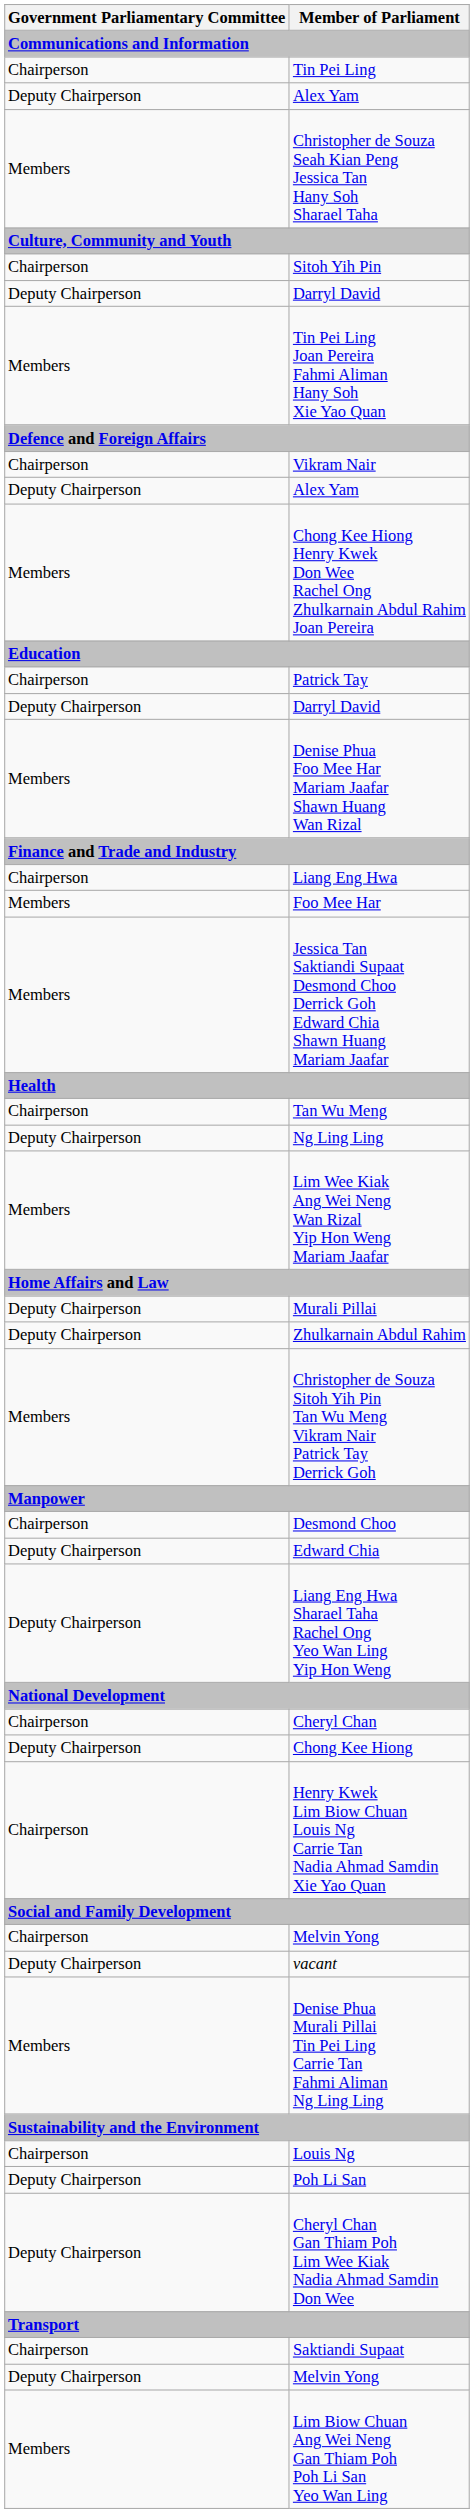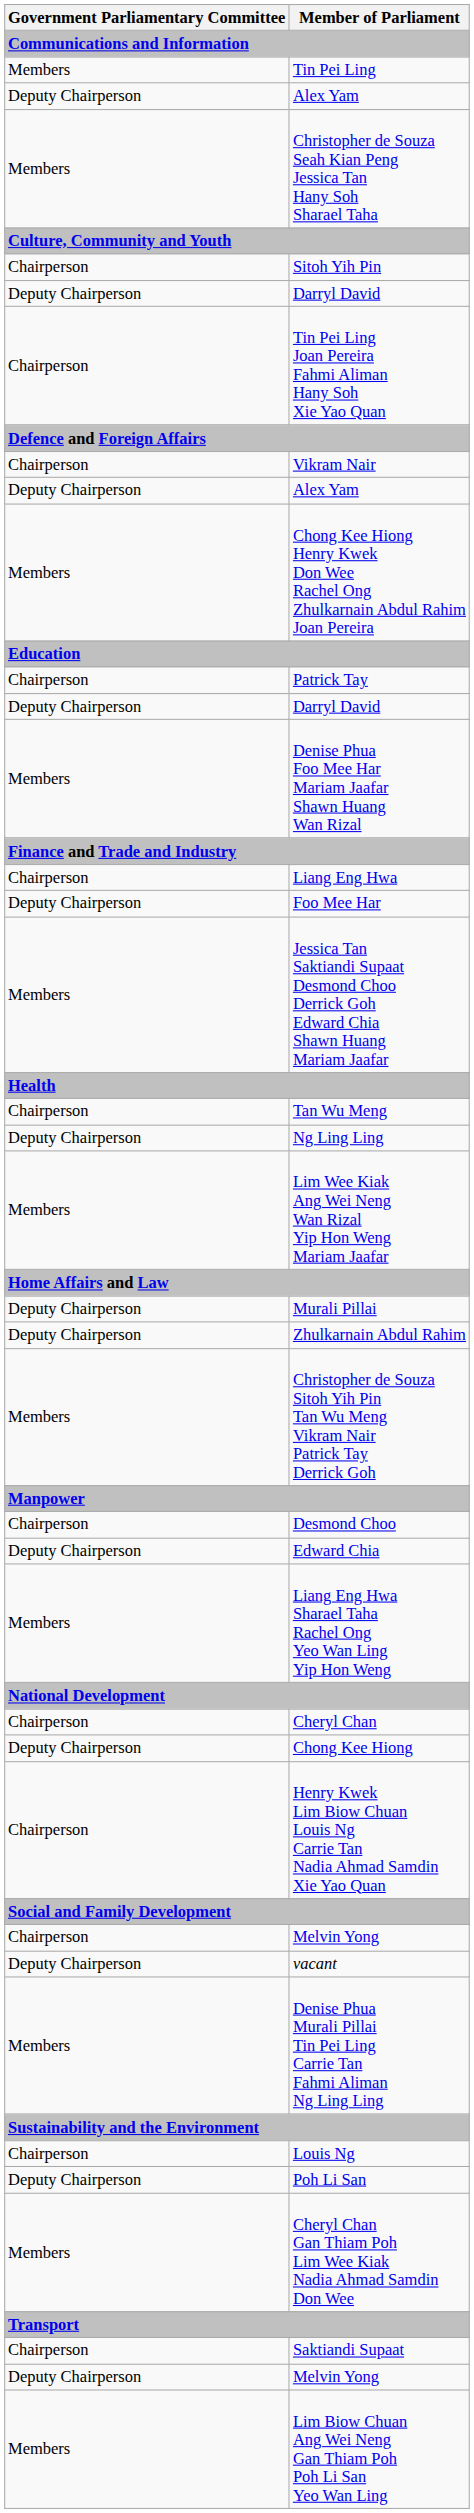 <table class="wikitable" style="margin: 1em auto 1em auto">
 <tr>
 <th>Government Parliamentary Committee</th>
 <th>Member of Parliament</th>
 </tr>
 <tr>
 <td colspan="2" style="background:silver;"><strong><a href='#'>Communications and Information</a></strong></td>
 </tr>
 <tr>
-<td>Chairperson</td>
+<td>Members</td>
 <td><a href='#'>Tin Pei Ling</a></td>
 </tr>
 <tr>
 <td>Deputy Chairperson</td>
 <td><a href='#'>Alex Yam</a></td>
 </tr>
 <tr>
 <td>Members</td>
 <td><br><a href='#'>Christopher de Souza</a><br> <a href='#'>Seah Kian Peng</a><br> <a href='#'>Jessica Tan</a><br> <a href='#'>Hany Soh</a><br> <a href='#'>Sharael Taha</a></td>
 </tr>
 <tr>
 <td colspan="2" style="background:silver;"><strong><a href='#'>Culture, Community and Youth</a></strong></td>
 </tr>
 <tr>
 <td>Chairperson</td>
 <td><a href='#'>Sitoh Yih Pin</a></td>
 </tr>
 <tr>
 <td>Deputy Chairperson</td>
 <td><a href='#'>Darryl David</a></td>
 </tr>
 <tr>
-<td>Members</td>
+<td>Chairperson</td>
 <td><br><a href='#'>Tin Pei Ling</a><br> <a href='#'>Joan Pereira</a><br> <a href='#'>Fahmi Aliman</a><br> <a href='#'>Hany Soh</a><br> <a href='#'>Xie Yao Quan</a></td>
 </tr>
 <tr>
 <td colspan="2" style="background:silver;"><strong><a href='#'>Defence</a> and <a href='#'>Foreign Affairs</a></strong></td>
 </tr>
 <tr>
 <td>Chairperson</td>
 <td><a href='#'>Vikram Nair</a></td>
 </tr>
 <tr>
 <td>Deputy Chairperson</td>
 <td><a href='#'>Alex Yam</a></td>
 </tr>
 <tr>
 <td>Members</td>
 <td><br><a href='#'>Chong Kee Hiong</a><br> <a href='#'>Henry Kwek</a><br> <a href='#'>Don Wee</a><br> <a href='#'>Rachel Ong</a><br> <a href='#'>Zhulkarnain Abdul Rahim</a><br> <a href='#'>Joan Pereira</a></td>
 </tr>
 <tr>
 <td colspan="2" style="background:silver;"><strong><a href='#'>Education</a></strong></td>
 </tr>
 <tr>
 <td>Chairperson</td>
 <td><a href='#'>Patrick Tay</a></td>
 </tr>
 <tr>
 <td>Deputy Chairperson</td>
 <td><a href='#'>Darryl David</a></td>
 </tr>
 <tr>
 <td>Members</td>
 <td><br><a href='#'>Denise Phua</a><br> <a href='#'>Foo Mee Har</a><br> <a href='#'>Mariam Jaafar</a><br> <a href='#'>Shawn Huang</a><br> <a href='#'>Wan Rizal</a></td>
 </tr>
 <tr>
 <td colspan="2" style="background:silver;"><strong><a href='#'>Finance</a> and <a href='#'>Trade and Industry</a></strong></td>
 </tr>
 <tr>
 <td>Chairperson</td>
 <td><a href='#'>Liang Eng Hwa</a></td>
 </tr>
 <tr>
-<td>Members</td>
+<td>Deputy Chairperson</td>
 <td><a href='#'>Foo Mee Har</a></td>
 </tr>
 <tr>
 <td>Members</td>
 <td><br><a href='#'>Jessica Tan</a><br> <a href='#'>Saktiandi Supaat</a><br> <a href='#'>Desmond Choo</a><br> <a href='#'>Derrick Goh</a><br> <a href='#'>Edward Chia</a><br> <a href='#'>Shawn Huang</a><br> <a href='#'>Mariam Jaafar</a></td>
 </tr>
 <tr>
 <td colspan="2" style="background:silver;"><strong><a href='#'>Health</a></strong></td>
 </tr>
 <tr>
 <td>Chairperson</td>
 <td><a href='#'>Tan Wu Meng</a></td>
 </tr>
 <tr>
 <td>Deputy Chairperson</td>
 <td><a href='#'>Ng Ling Ling</a></td>
 </tr>
 <tr>
 <td>Members</td>
 <td><br><a href='#'>Lim Wee Kiak</a><br> <a href='#'>Ang Wei Neng</a><br> <a href='#'>Wan Rizal</a><br> <a href='#'>Yip Hon Weng</a><br> <a href='#'>Mariam Jaafar</a></td>
 </tr>
 <tr>
 <td colspan="2" style="background:silver;"><strong><a href='#'>Home Affairs</a> and <a href='#'>Law</a></strong></td>
 </tr>
 <tr>
 <td>Deputy Chairperson</td>
 <td><a href='#'>Murali Pillai</a></td>
 </tr>
 <tr>
 <td>Deputy Chairperson</td>
 <td><a href='#'>Zhulkarnain Abdul Rahim</a></td>
 </tr>
 <tr>
 <td>Members</td>
 <td><br><a href='#'>Christopher de Souza</a><br> <a href='#'>Sitoh Yih Pin</a><br> <a href='#'>Tan Wu Meng</a><br> <a href='#'>Vikram Nair</a><br> <a href='#'>Patrick Tay</a><br> <a href='#'>Derrick Goh</a></td>
 </tr>
 <tr>
 <td colspan="2" style="background:silver;"><strong><a href='#'>Manpower</a></strong></td>
 </tr>
 <tr>
 <td>Chairperson</td>
 <td><a href='#'>Desmond Choo</a></td>
 </tr>
 <tr>
 <td>Deputy Chairperson</td>
 <td><a href='#'>Edward Chia</a></td>
 </tr>
 <tr>
-<td>Deputy Chairperson</td>
+<td>Members</td>
 <td><br><a href='#'>Liang Eng Hwa</a><br> <a href='#'>Sharael Taha</a><br> <a href='#'>Rachel Ong</a><br> <a href='#'>Yeo Wan Ling</a><br> <a href='#'>Yip Hon Weng</a></td>
 </tr>
 <tr>
 <td colspan="2" style="background:silver;"><strong><a href='#'>National Development</a></strong></td>
 </tr>
 <tr>
 <td>Chairperson</td>
 <td><a href='#'>Cheryl Chan</a></td>
 </tr>
 <tr>
 <td>Deputy Chairperson</td>
 <td><a href='#'>Chong Kee Hiong</a></td>
 </tr>
 <tr>
 <td>Chairperson</td>
 <td><br><a href='#'>Henry Kwek</a><br> <a href='#'>Lim Biow Chuan</a><br> <a href='#'>Louis Ng</a><br> <a href='#'>Carrie Tan</a><br> <a href='#'>Nadia Ahmad Samdin</a><br> <a href='#'>Xie Yao Quan</a></td>
 </tr>
 <tr>
 <td colspan="2" style="background:silver;"><strong><a href='#'>Social and Family Development</a></strong></td>
 </tr>
 <tr>
 <td>Chairperson</td>
 <td><a href='#'>Melvin Yong</a></td>
 </tr>
 <tr>
 <td>Deputy Chairperson</td>
 <td><em>vacant</em></td>
 </tr>
 <tr>
 <td>Members</td>
 <td><br><a href='#'>Denise Phua</a><br> <a href='#'>Murali Pillai</a><br> <a href='#'>Tin Pei Ling</a><br> <a href='#'>Carrie Tan</a><br> <a href='#'>Fahmi Aliman</a><br> <a href='#'>Ng Ling Ling</a></td>
 </tr>
 <tr>
 <td colspan="2" style="background:silver;"><strong><a href='#'>Sustainability and the Environment</a></strong></td>
 </tr>
 <tr>
 <td>Chairperson</td>
 <td><a href='#'>Louis Ng</a></td>
 </tr>
 <tr>
 <td>Deputy Chairperson</td>
 <td><a href='#'>Poh Li San</a></td>
 </tr>
 <tr>
-<td>Deputy Chairperson</td>
+<td>Members</td>
 <td><br><a href='#'>Cheryl Chan</a><br> <a href='#'>Gan Thiam Poh</a><br> <a href='#'>Lim Wee Kiak</a><br> <a href='#'>Nadia Ahmad Samdin</a><br> <a href='#'>Don Wee</a></td>
 </tr>
 <tr>
 <td colspan="2" style="background:silver;"><strong><a href='#'>Transport</a></strong></td>
 </tr>
 <tr>
 <td>Chairperson</td>
 <td><a href='#'>Saktiandi Supaat</a></td>
 </tr>
 <tr>
 <td>Deputy Chairperson</td>
 <td><a href='#'>Melvin Yong</a></td>
 </tr>
 <tr>
 <td>Members</td>
 <td><br><a href='#'>Lim Biow Chuan</a><br> <a href='#'>Ang Wei Neng</a><br> <a href='#'>Gan Thiam Poh</a><br> <a href='#'>Poh Li San</a><br> <a href='#'>Yeo Wan Ling</a></td>
 </tr>
 </table>
